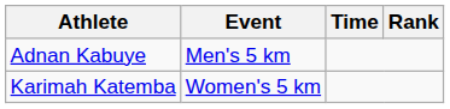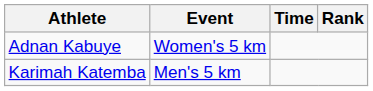 <table class="wikitable" style="font-size:90%">
 <tr>
 <th>Athlete</th>
 <th>Event</th>
 <th>Time</th>
 <th>Rank</th>
 </tr>
 <tr align="center">
 <td align="left"><a href='#'>Adnan Kabuye</a></td>
-<td align="left"><a href='#'>Men's 5 km</a></td>
+<td align="left"><a href='#'>Women's 5 km</a></td>
 <td colspan=2></td>
 </tr>
 <tr align="center">
 <td align="left"><a href='#'>Karimah Katemba</a></td>
-<td align="left"><a href='#'>Women's 5 km</a></td>
+<td align="left"><a href='#'>Men's 5 km</a></td>
 <td colspan=2></td>
 </tr>
 </table>
